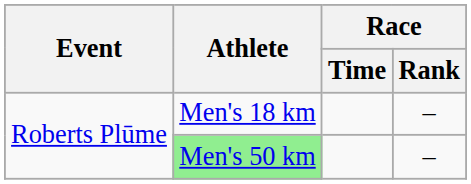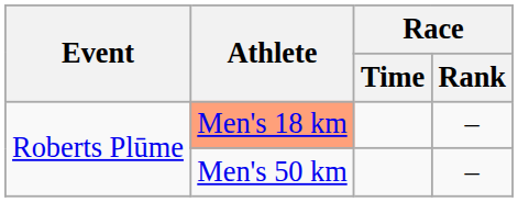 <table class="wikitable" border="1" style="font-size:90%">
 <tr>
 <th rowspan=2>Event</th>
 <th rowspan=2>Athlete</th>
 <th colspan=2>Race</th>
 </tr>
 <tr>
 <th>Time</th>
 <th>Rank</th>
 </tr>
 <tr>
 <td rowspan="2"><a href='#'>Roberts Plūme</a></td>
-<td><a href='#'>Men's 18 km</a></td>
+<td style="background: lightsalmon;"><a href='#'>Men's 18 km</a></td>
 <td align=center></td>
 <td align=center>–</td>
 </tr>
 <tr>
-<td style="background: lightgreen;"><a href='#'>Men's 50 km</a></td>
+<td><a href='#'>Men's 50 km</a></td>
 <td align=center></td>
 <td align=center>–</td>
 </tr>
 </table>
